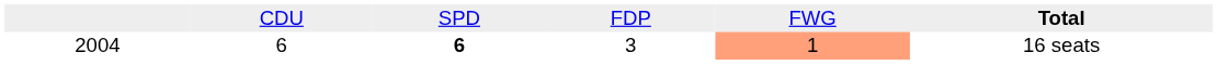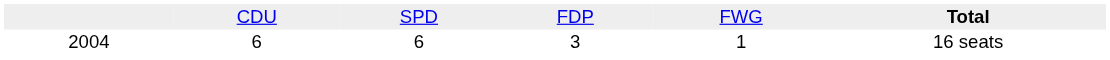 <table border="0" cellpadding="2" cellspacing="0" width="60%">
 <tr bgcolor="#eeeeee" align="center">
 <td></td>
 <td><a href='#'>CDU</a></td>
 <td><a href='#'>SPD</a></td>
 <td><a href='#'>FDP</a></td>
 <td><a href='#'>FWG</a></td>
 <td><strong>Total</strong></td>
 </tr>
 <tr align="center">
 <td>2004</td>
 <td>6</td>
-<td><strong>6</strong></td>
+<td>6</td>
 <td>3</td>
-<td style="background: lightsalmon;">1</td>
+<td>1</td>
 <td>16 seats</td>
 </tr>
 </table>
